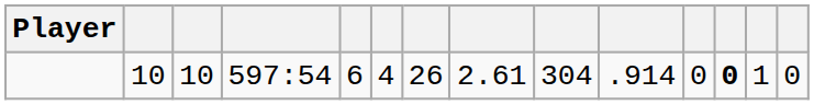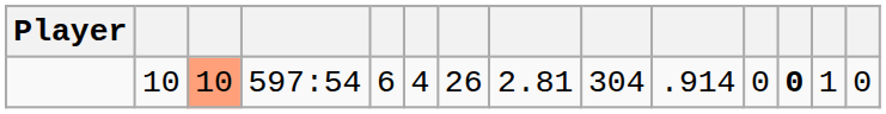 <table class="wikitable sortable" style="text-align:center;">
 <tr>
 <th>Player</th>
 <th></th>
 <th></th>
 <th></th>
 <th></th>
 <th></th>
 <th></th>
 <th></th>
 <th></th>
 <th></th>
 <th></th>
 <th></th>
 <th></th>
 <th></th>
 </tr>
 <tr>
 <td></td>
 <td>10</td>
-<td>10</td>
+<td style="background: lightsalmon;">10</td>
 <td>597:54</td>
 <td>6</td>
 <td>4</td>
 <td>26</td>
-<td>2.61</td>
+<td>2.81</td>
 <td>304</td>
 <td>.914</td>
 <td>0</td>
 <td><strong>0</strong></td>
 <td>1</td>
 <td>0</td>
 </tr>
 </table>
